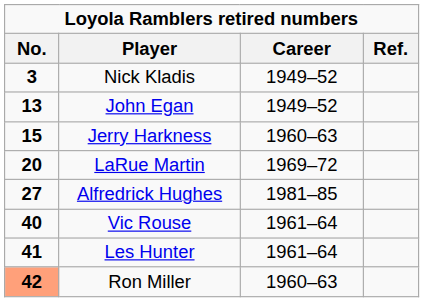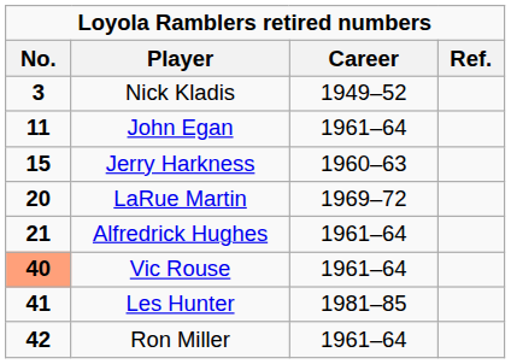 <table class="wikitable sortable" style="text-align:center">
 <tr>
 <td colspan="5"><strong>Loyola Ramblers retired numbers</strong></td>
 </tr>
 <tr>
 <th width=40px>No.</th>
 <th width=150px>Player</th>
 <th width=100px>Career</th>
 <th width=40px>Ref.</th>
 </tr>
 <tr>
 <td><strong>3</strong></td>
 <td>Nick Kladis</td>
 <td>1949–52</td>
 <td></td>
 </tr>
 <tr>
-<td><strong>13</strong></td>
+<td><strong>11</strong></td>
 <td><a href='#'>John Egan</a></td>
-<td>1949–52</td>
+<td>1961–64</td>
 <td></td>
 </tr>
 <tr>
 <td><strong>15</strong></td>
 <td><a href='#'>Jerry Harkness</a></td>
 <td>1960–63</td>
 <td></td>
 </tr>
 <tr>
 <td><strong>20</strong></td>
 <td><a href='#'>LaRue Martin</a></td>
 <td>1969–72</td>
 <td></td>
 </tr>
 <tr>
-<td><strong>27</strong></td>
+<td><strong>21</strong></td>
 <td><a href='#'>Alfredrick Hughes</a></td>
-<td>1981–85</td>
+<td>1961–64</td>
 <td></td>
 </tr>
 <tr>
-<td><strong>40</strong></td>
+<td style="background: lightsalmon;"><strong>40</strong></td>
 <td><a href='#'>Vic Rouse</a></td>
 <td>1961–64</td>
 <td></td>
 </tr>
 <tr>
 <td><strong>41</strong></td>
 <td><a href='#'>Les Hunter</a></td>
+<td>1981–85</td>
+<td></td>
+</tr>
+<tr>
+<td><strong>42</strong></td>
+<td>Ron Miller</td>
 <td>1961–64</td>
 <td></td>
 </tr>
-<tr>
-<td style="background: lightsalmon;"><strong>42</strong></td>
-<td>Ron Miller</td>
-<td>1960–63</td>
-<td></td>
-</tr>
 </table>
